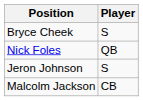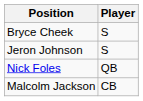 <table class="wikitable sortable">
 <tr>
 <th>Position</th>
 <th>Player</th>
 </tr>
 <tr>
 <td>Bryce Cheek</td>
 <td>S</td>
 </tr>
 <tr>
+<td>Jeron Johnson</td>
+<td>S</td>
+</tr>
+<tr>
 <td><a href='#'>Nick Foles</a></td>
 <td>QB</td>
-</tr>
-<tr>
-<td>Jeron Johnson</td>
-<td>S</td>
 </tr>
 <tr>
 <td>Malcolm Jackson</td>
 <td>CB</td>
 </tr>
 </table>
